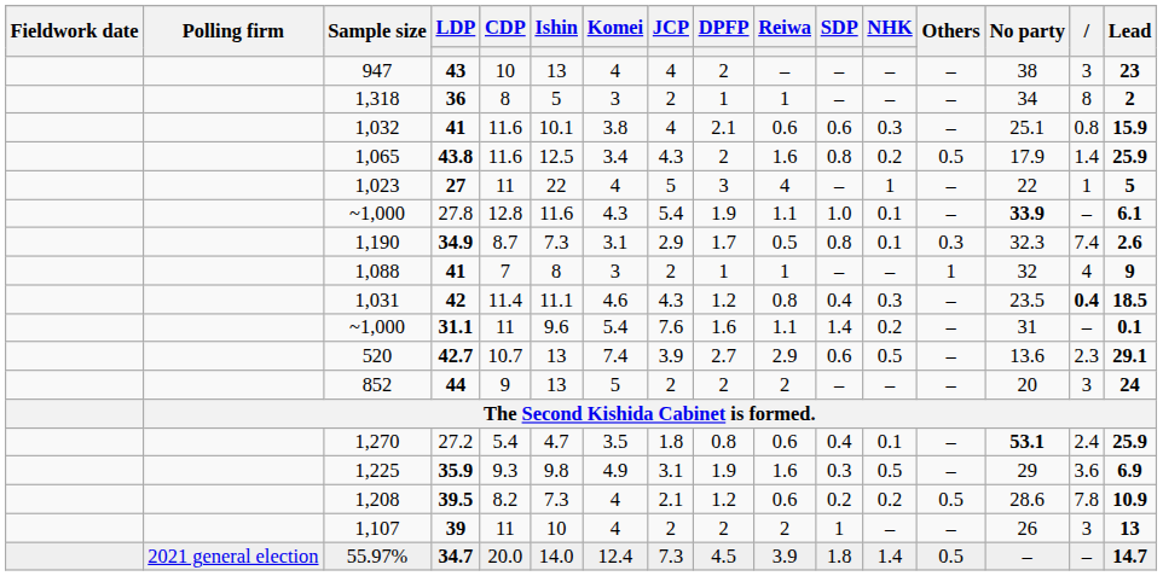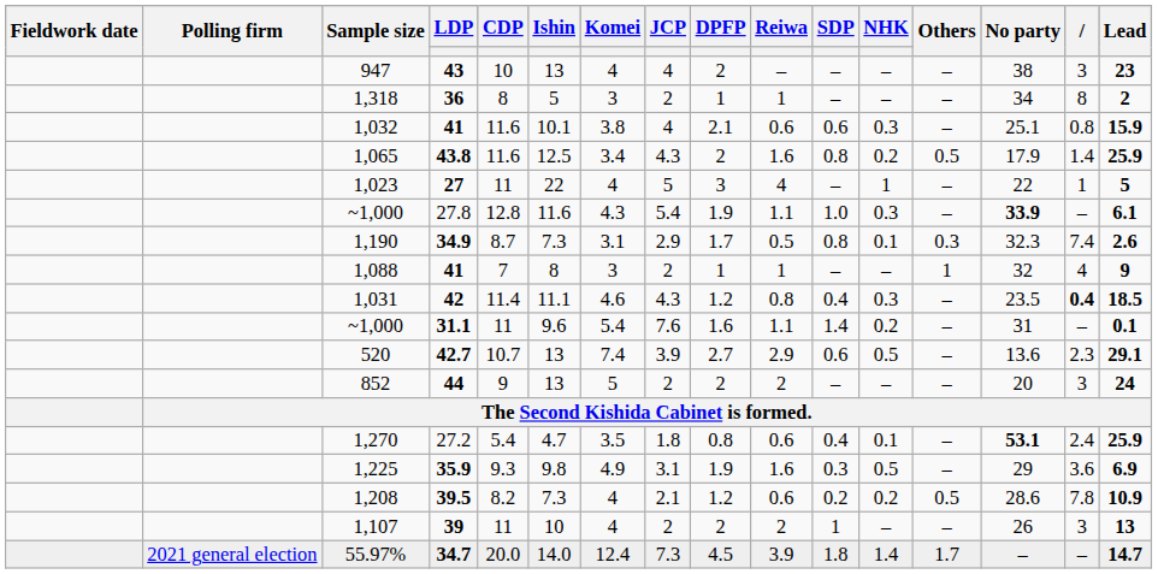 <table class="wikitable mw-datatable sortable mw-collapsible mw-collapsed" style="text-align:center;font-size:90%;line-height:14px;">
 <tr style="height:30px; background-color:#8B8B8B">
 <th class="unsortable" rowspan="2">Fieldwork date</th>
 <th rowspan="2" class="unsortable">Polling firm</th>
 <th rowspan="2" class="unsortable">Sample size</th>
 <th class="unsortable"><a href='#'>LDP</a></th>
 <th class="unsortable"><a href='#'>CDP</a></th>
 <th class="unsortable"><a href='#'>Ishin</a></th>
 <th class="unsortable"><a href='#'>Komei</a></th>
 <th class="unsortable"><a href='#'>JCP</a></th>
 <th class="unsortable"><a href='#'>DPFP</a></th>
 <th class="unsortable"><a href='#'>Reiwa</a></th>
 <th class="unsortable"><a href='#'>SDP</a></th>
 <th class="unsortable"><a href='#'>NHK</a></th>
 <th rowspan="2" class="unsortable">Others</th>
 <th rowspan="2" class="unsortable">No party</th>
 <th rowspan="2" class="unsortable">/<br></th>
 <th rowspan="2" class="unsortable">Lead</th>
 </tr>
 <tr>
 <th data-sort-type="number" style="background:"></th>
 <th data-sort-type="number" style="background:"></th>
 <th data-sort-type="number" style="background:"></th>
 <th data-sort-type="number" style="background:"></th>
 <th data-sort-type="number" style="background:"></th>
 <th data-sort-type="number" style="background:"></th>
 <th data-sort-type="number" style="background:"></th>
 <th data-sort-type="number" style="background:"></th>
 <th data-sort-type="number" style="background:"></th>
 </tr>
 <tr>
 <td></td>
 <td></td>
 <td>947</td>
 <td><strong>43</strong></td>
 <td>10</td>
 <td>13</td>
 <td>4</td>
 <td>4</td>
 <td>2</td>
 <td>–</td>
 <td>–</td>
 <td>–</td>
 <td>–</td>
 <td>38</td>
 <td>3</td>
 <td style="background:"><strong>23</strong></td>
 </tr>
 <tr>
 <td></td>
 <td></td>
 <td>1,318</td>
 <td><strong>36</strong></td>
 <td>8</td>
 <td>5</td>
 <td>3</td>
 <td>2</td>
 <td>1</td>
 <td>1</td>
 <td>–</td>
 <td>–</td>
 <td>–</td>
 <td>34</td>
 <td>8</td>
 <td style="background:"><strong>2</strong></td>
 </tr>
 <tr>
 <td></td>
 <td></td>
 <td>1,032</td>
 <td><strong>41</strong></td>
 <td>11.6</td>
 <td>10.1</td>
 <td>3.8</td>
 <td>4</td>
 <td>2.1</td>
 <td>0.6</td>
 <td>0.6</td>
 <td>0.3</td>
 <td>–</td>
 <td>25.1</td>
 <td>0.8</td>
 <td style="background:"><strong>15.9</strong></td>
 </tr>
 <tr>
 <td></td>
 <td></td>
 <td>1,065</td>
 <td><strong>43.8</strong></td>
 <td>11.6</td>
 <td>12.5</td>
 <td>3.4</td>
 <td>4.3</td>
 <td>2</td>
 <td>1.6</td>
 <td>0.8</td>
 <td>0.2</td>
 <td>0.5</td>
 <td>17.9</td>
 <td>1.4</td>
 <td style="background:"><strong>25.9</strong></td>
 </tr>
 <tr>
 <td></td>
 <td></td>
 <td>1,023</td>
 <td><strong>27</strong></td>
 <td>11</td>
 <td>22</td>
 <td>4</td>
 <td>5</td>
 <td>3</td>
 <td>4</td>
 <td>–</td>
 <td>1</td>
 <td>–</td>
 <td>22</td>
 <td>1</td>
 <td style="background:"><strong>5</strong></td>
 </tr>
 <tr>
 <td></td>
 <td></td>
 <td>~1,000</td>
 <td>27.8</td>
 <td>12.8</td>
 <td>11.6</td>
 <td>4.3</td>
 <td>5.4</td>
 <td>1.9</td>
 <td>1.1</td>
 <td>1.0</td>
-<td>0.1</td>
+<td>0.3</td>
 <td>–</td>
 <td><strong>33.9</strong></td>
 <td>–</td>
 <td style="background:"><strong>6.1</strong></td>
 </tr>
 <tr>
 <td></td>
 <td></td>
 <td>1,190</td>
 <td><strong>34.9</strong></td>
 <td>8.7</td>
 <td>7.3</td>
 <td>3.1</td>
 <td>2.9</td>
 <td>1.7</td>
 <td>0.5</td>
 <td>0.8</td>
 <td>0.1</td>
 <td>0.3</td>
 <td>32.3</td>
 <td>7.4</td>
 <td style="background:"><strong>2.6</strong></td>
 </tr>
 <tr>
 <td></td>
 <td></td>
 <td>1,088</td>
 <td><strong>41</strong></td>
 <td>7</td>
 <td>8</td>
 <td>3</td>
 <td>2</td>
 <td>1</td>
 <td>1</td>
 <td>–</td>
 <td>–</td>
 <td>1</td>
 <td>32</td>
 <td>4</td>
 <td style="background:"><strong>9</strong></td>
 </tr>
 <tr>
 <td></td>
 <td></td>
 <td>1,031</td>
 <td><strong>42</strong></td>
 <td>11.4</td>
 <td>11.1</td>
 <td>4.6</td>
 <td>4.3</td>
 <td>1.2</td>
 <td>0.8</td>
 <td>0.4</td>
 <td>0.3</td>
 <td>–</td>
 <td>23.5</td>
 <td><strong>0.4</strong></td>
 <td style="background:"><strong>18.5</strong></td>
 </tr>
 <tr>
 <td></td>
 <td></td>
 <td>~1,000</td>
 <td><strong>31.1</strong></td>
 <td>11</td>
 <td>9.6</td>
 <td>5.4</td>
 <td>7.6</td>
 <td>1.6</td>
 <td>1.1</td>
 <td>1.4</td>
 <td>0.2</td>
 <td>–</td>
 <td>31</td>
 <td>–</td>
 <td style="background:"><strong>0.1</strong></td>
 </tr>
 <tr>
 <td></td>
 <td></td>
 <td>520</td>
 <td><strong>42.7</strong></td>
 <td>10.7</td>
 <td>13</td>
 <td>7.4</td>
 <td>3.9</td>
 <td>2.7</td>
 <td>2.9</td>
 <td>0.6</td>
 <td>0.5</td>
 <td>–</td>
 <td>13.6</td>
 <td>2.3</td>
 <td style="background:"><strong>29.1</strong></td>
 </tr>
 <tr>
 <td></td>
 <td></td>
 <td>852</td>
 <td><strong>44</strong></td>
 <td>9</td>
 <td>13</td>
 <td>5</td>
 <td>2</td>
 <td>2</td>
 <td>2</td>
 <td>–</td>
 <td>–</td>
 <td>–</td>
 <td>20</td>
 <td>3</td>
 <td style="background:"><strong>24</strong></td>
 </tr>
 <tr>
 <th></th>
 <th colspan="15">The <a href='#'>Second Kishida Cabinet</a> is formed.</th>
 </tr>
 <tr>
 <td></td>
 <td></td>
 <td>1,270</td>
 <td>27.2</td>
 <td>5.4</td>
 <td>4.7</td>
 <td>3.5</td>
 <td>1.8</td>
 <td>0.8</td>
 <td>0.6</td>
 <td>0.4</td>
 <td>0.1</td>
 <td>–</td>
 <td><strong>53.1</strong></td>
 <td>2.4</td>
 <td style="background:"><strong>25.9</strong></td>
 </tr>
 <tr>
 <td></td>
 <td></td>
 <td>1,225</td>
 <td><strong>35.9</strong></td>
 <td>9.3</td>
 <td>9.8</td>
 <td>4.9</td>
 <td>3.1</td>
 <td>1.9</td>
 <td>1.6</td>
 <td>0.3</td>
 <td>0.5</td>
 <td>–</td>
 <td>29</td>
 <td>3.6</td>
 <td style="background:"><strong>6.9</strong></td>
 </tr>
 <tr>
 <td></td>
 <td></td>
 <td>1,208</td>
 <td><strong>39.5</strong></td>
 <td>8.2</td>
 <td>7.3</td>
 <td>4</td>
 <td>2.1</td>
 <td>1.2</td>
 <td>0.6</td>
 <td>0.2</td>
 <td>0.2</td>
 <td>0.5</td>
 <td>28.6</td>
 <td>7.8</td>
 <td style="background:"><strong>10.9</strong></td>
 </tr>
 <tr>
 <td></td>
 <td></td>
 <td>1,107</td>
 <td><strong>39</strong></td>
 <td>11</td>
 <td>10</td>
 <td>4</td>
 <td>2</td>
 <td>2</td>
 <td>2</td>
 <td>1</td>
 <td>–</td>
 <td>–</td>
 <td>26</td>
 <td>3</td>
 <td style="background:"><strong>13</strong></td>
 </tr>
 <tr style="background:#EFEFEF;">
 <td></td>
 <td><a href='#'>2021 general election</a></td>
 <td>55.97%</td>
 <td><strong>34.7</strong></td>
 <td>20.0</td>
 <td>14.0</td>
 <td>12.4</td>
 <td>7.3</td>
 <td>4.5</td>
 <td>3.9</td>
 <td>1.8</td>
 <td>1.4</td>
-<td>0.5</td>
+<td>1.7</td>
 <td>–</td>
 <td>–</td>
 <td style="background:"><strong>14.7</strong></td>
 </tr>
 </table>
